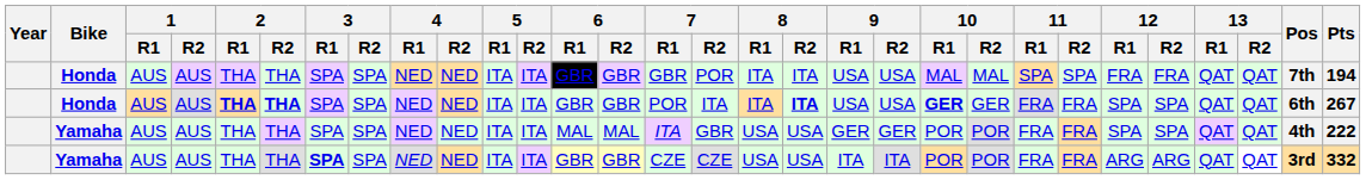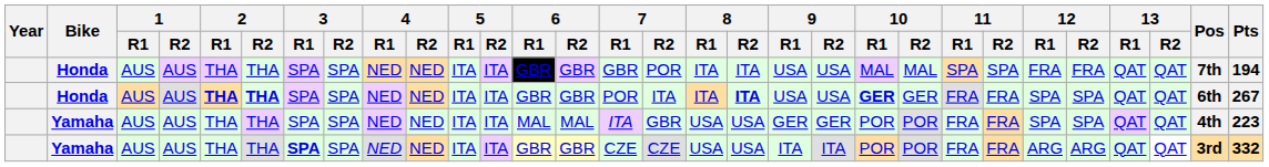 <table class="wikitable" style="text-align:center; font-size:90%;">
 <tr>
 <th rowspan="2">Year</th>
 <th rowspan="2">Bike</th>
 <th colspan="2">1</th>
 <th colspan="2">2</th>
 <th colspan="2">3</th>
 <th colspan="2">4</th>
 <th colspan="2">5</th>
 <th colspan="2">6</th>
 <th colspan="2">7</th>
 <th colspan="2">8</th>
 <th colspan="2">9</th>
 <th colspan="2">10</th>
 <th colspan="2">11</th>
 <th colspan="2">12</th>
 <th colspan="2">13</th>
 <th rowspan="2">Pos</th>
 <th rowspan="2">Pts</th>
 </tr>
 <tr>
 <th>R1</th>
 <th>R2</th>
 <th>R1</th>
 <th>R2</th>
 <th>R1</th>
 <th>R2</th>
 <th>R1</th>
 <th>R2</th>
 <th>R1</th>
 <th>R2</th>
 <th>R1</th>
 <th>R2</th>
 <th>R1</th>
 <th>R2</th>
 <th>R1</th>
 <th>R2</th>
 <th>R1</th>
 <th>R2</th>
 <th>R1</th>
 <th>R2</th>
 <th>R1</th>
 <th>R2</th>
 <th>R1</th>
 <th>R2</th>
 <th>R1</th>
 <th>R2</th>
 </tr>
 <tr>
 <th></th>
 <th><a href='#'>Honda</a></th>
 <td style="background:#DFFFDF;"><a href='#'>AUS</a><br></td>
 <td style="background:#EFCFFF;"><a href='#'>AUS</a><br></td>
 <td style="background:#EFCFFF;"><a href='#'>THA</a><br></td>
 <td style="background:#DFFFDF;"><a href='#'>THA</a><br></td>
 <td style="background:#EFCFFF;"><a href='#'>SPA</a><br></td>
 <td style="background:#DFFFDF;"><a href='#'>SPA</a><br></td>
 <td style="background:#FFDF9F;"><a href='#'>NED</a><br></td>
 <td style="background:#FFDF9F;"><a href='#'>NED</a><br></td>
 <td style="background:#DFFFDF;"><a href='#'>ITA</a><br></td>
 <td style="background:#EFCFFF;"><a href='#'>ITA</a><br></td>
 <td style="background:#000000; color:#FFFFFF;"><a href='#'><span>GBR</span></a><br></td>
 <td style="background:#EFCFFF;"><a href='#'>GBR</a><br></td>
 <td style="background:#DFFFDF;"><a href='#'>GBR</a><br></td>
 <td style="background:#DFFFDF;"><a href='#'>POR</a><br></td>
 <td style="background:#DFFFDF;"><a href='#'>ITA</a><br></td>
 <td style="background:#DFFFDF;"><a href='#'>ITA</a><br></td>
 <td style="background:#DFFFDF;"><a href='#'>USA</a><br></td>
 <td style="background:#DFFFDF;"><a href='#'>USA</a><br></td>
 <td style="background:#EFCFFF;"><a href='#'>MAL</a><br></td>
 <td style="background:#DFFFDF;"><a href='#'>MAL</a><br></td>
 <td style="background:#FFDF9F;"><a href='#'>SPA</a><br></td>
 <td style="background:#DFFFDF;"><a href='#'>SPA</a><br></td>
 <td style="background:#DFFFDF;"><a href='#'>FRA</a><br></td>
 <td style="background:#DFFFDF;"><a href='#'>FRA</a><br></td>
 <td style="background:#DFFFDF;"><a href='#'>QAT</a><br></td>
 <td style="background:#DFFFDF;"><a href='#'>QAT</a><br></td>
 <th>7th</th>
 <th>194</th>
 </tr>
 <tr>
 <th></th>
 <th><a href='#'>Honda</a></th>
 <td style="background:#FFDF9F;"><a href='#'>AUS</a><br></td>
 <td style="background:#DFDFDF;"><a href='#'>AUS</a><br></td>
 <td style="background:#FFDF9F;"><strong><a href='#'>THA</a></strong><br></td>
 <td style="background:#DFFFDF;"><strong><a href='#'>THA</a></strong><br></td>
 <td style="background:#EFCFFF;"><a href='#'>SPA</a><br></td>
 <td style="background:#DFFFDF;"><a href='#'>SPA</a><br></td>
 <td style="background:#EFCFFF;"><a href='#'>NED</a><br></td>
 <td style="background:#FFDF9F;"><a href='#'>NED</a><br></td>
 <td style="background:#DFFFDF;"><a href='#'>ITA</a><br></td>
 <td style="background:#DFFFDF;"><a href='#'>ITA</a><br></td>
 <td style="background:#DFFFDF;"><a href='#'>GBR</a><br></td>
 <td style="background:#DFFFDF;"><a href='#'>GBR</a><br></td>
 <td style="background:#DFFFDF;"><a href='#'>POR</a><br></td>
 <td style="background:#DFFFDF;"><a href='#'>ITA</a><br></td>
 <td style="background:#FFDF9F;"><a href='#'>ITA</a><br></td>
 <td style="background:#DFFFDF;"><strong><a href='#'>ITA</a><br></strong></td>
 <td style="background:#DFFFDF;"><a href='#'>USA</a><br></td>
 <td style="background:#DFFFDF;"><a href='#'>USA</a><br></td>
 <td style="background:#DFFFDF;"><strong><a href='#'>GER</a><br></strong></td>
 <td style="background:#DFFFDF;"><a href='#'>GER</a><br></td>
 <td style="background:#DFDFDF;"><a href='#'>FRA</a><br></td>
 <td style="background:#DFFFDF;"><a href='#'>FRA</a><br></td>
 <td style="background:#DFFFDF;"><a href='#'>SPA</a><br></td>
 <td style="background:#DFFFDF;"><a href='#'>SPA</a><br></td>
 <td style="background:#DFFFDF;"><a href='#'>QAT</a><br></td>
 <td style="background:#DFFFDF;"><a href='#'>QAT</a><br></td>
 <th>6th</th>
 <th>267</th>
 </tr>
 <tr>
 <th></th>
 <th><a href='#'>Yamaha</a></th>
 <td style="background:#DFFFDF;"><a href='#'>AUS</a><br></td>
 <td style="background:#DFFFDF;"><a href='#'>AUS</a><br></td>
 <td style="background:#DFFFDF;"><a href='#'>THA</a><br></td>
 <td style="background:#EFCFFF;"><a href='#'>THA</a><br></td>
 <td style="background:#DFFFDF;"><a href='#'>SPA</a><br></td>
 <td style="background:#DFFFDF;"><a href='#'>SPA</a><br></td>
 <td style="background:#EFCFFF;"><a href='#'>NED</a><br></td>
 <td style="background:#DFFFDF;"><a href='#'>NED</a><br></td>
 <td style="background:#DFFFDF;"><a href='#'>ITA</a><br></td>
 <td style="background:#DFFFDF;"><a href='#'>ITA</a><br></td>
 <td style="background:#DFFFDF;"><a href='#'>MAL</a><br></td>
 <td style="background:#DFFFDF;"><a href='#'>MAL</a><br></td>
 <td style="background:#EFCFFF;"><em><a href='#'>ITA</a></em><br></td>
 <td style="background:#DFFFDF;"><a href='#'>GBR</a><br></td>
 <td style="background:#DFFFDF;"><a href='#'>USA</a><br></td>
 <td style="background:#DFFFDF;"><a href='#'>USA</a><br></td>
 <td style="background:#DFFFDF;"><a href='#'>GER</a><br></td>
 <td style="background:#DFFFDF;"><a href='#'>GER</a><br></td>
 <td style="background:#DFFFDF;"><a href='#'>POR</a><br></td>
 <td style="background:#DFDFDF;"><a href='#'>POR</a><br></td>
 <td style="background:#DFFFDF;"><a href='#'>FRA</a><br></td>
 <td style="background:#FFDF9F;"><a href='#'>FRA</a><br></td>
 <td style="background:#DFFFDF;"><a href='#'>SPA</a><br></td>
 <td style="background:#DFFFDF;"><a href='#'>SPA</a><br></td>
 <td style="background:#EFCFFF;"><a href='#'>QAT</a><br></td>
 <td style="background:#DFFFDF;"><a href='#'>QAT</a><br></td>
 <th>4th</th>
-<th>222</th>
+<th>223</th>
 </tr>
 <tr>
 <th></th>
 <th><a href='#'>Yamaha</a></th>
 <td style="background:#dfffdf;"><a href='#'>AUS</a><br></td>
 <td style="background:#dfffdf;"><a href='#'>AUS</a><br></td>
 <td style="background:#dfffdf;"><a href='#'>THA</a><br></td>
 <td style="background:#dfdfdf;"><a href='#'>THA</a><br></td>
 <td style="background:#dfffdf;"><strong><a href='#'>SPA</a><br></strong></td>
 <td style="background:#dfffdf;"><a href='#'>SPA</a><br></td>
 <td style="background:#dfdfdf;"><em><a href='#'>NED</a></em><br></td>
 <td style="background:#ffdf9f;"><a href='#'>NED</a><br></td>
 <td style="background:#dfffdf;"><a href='#'>ITA</a><br></td>
 <td style="background:#EFCFFF;"><a href='#'>ITA</a><br></td>
 <td style="background:#ffffbf;"><a href='#'>GBR</a><br></td>
 <td style="background:#ffffbf;"><a href='#'>GBR</a><br></td>
 <td style="background:#dfffdf;"><a href='#'>CZE</a><br></td>
 <td style="background:#dfdfdf;"><a href='#'>CZE</a><br></td>
 <td style="background:#dfffdf;"><a href='#'>USA</a><br></td>
 <td style="background:#dfffdf;"><a href='#'>USA</a><br></td>
 <td style="background:#dfffdf;"><a href='#'>ITA</a><br></td>
 <td style="background:#dfdfdf;"><a href='#'>ITA</a><br></td>
 <td style="background:#ffdf9f;"><a href='#'>POR</a><br></td>
 <td style="background:#dfdfdf;"><a href='#'>POR</a><br></td>
 <td style="background:#dfffdf;"><a href='#'>FRA</a><br></td>
 <td style="background:#ffdf9f;"><a href='#'>FRA</a><br></td>
 <td style="background:#dfffdf;"><a href='#'>ARG</a><br></td>
 <td style="background:#dfffdf;"><a href='#'>ARG</a><br></td>
 <td style="background:#dfffdf;"><a href='#'>QAT</a><br></td>
 <td style="background:#ffffff;"><a href='#'>QAT</a><br></td>
 <th style="background:#ffdf9f;">3rd</th>
 <th style="background:#ffdf9f;">332</th>
 </tr>
 </table>
